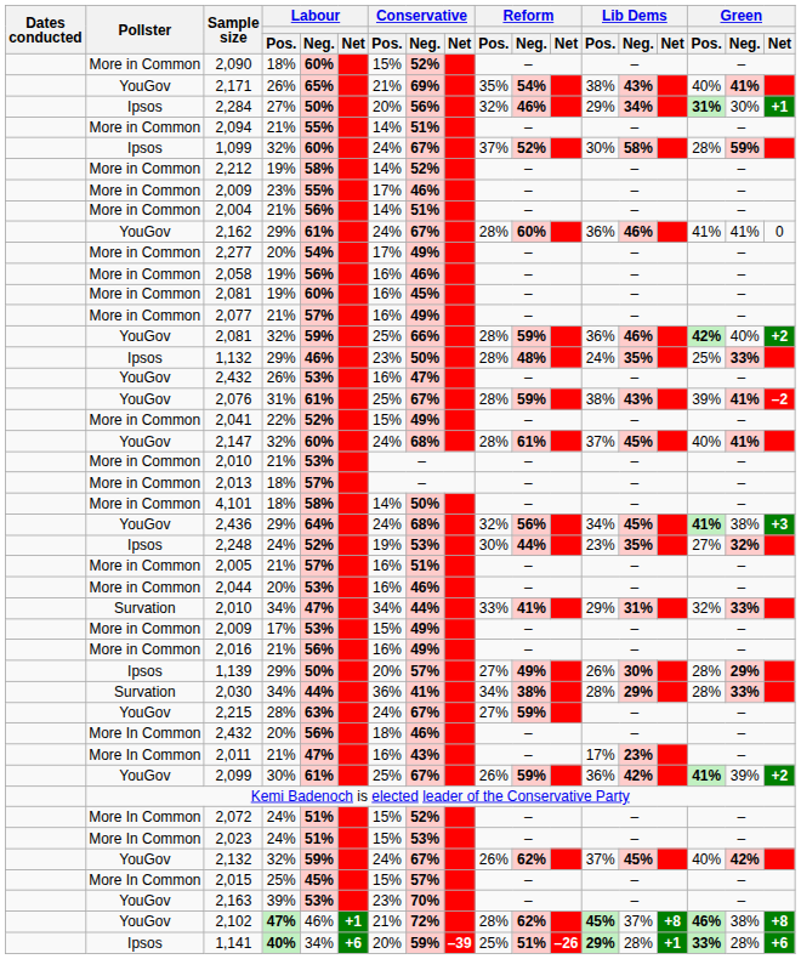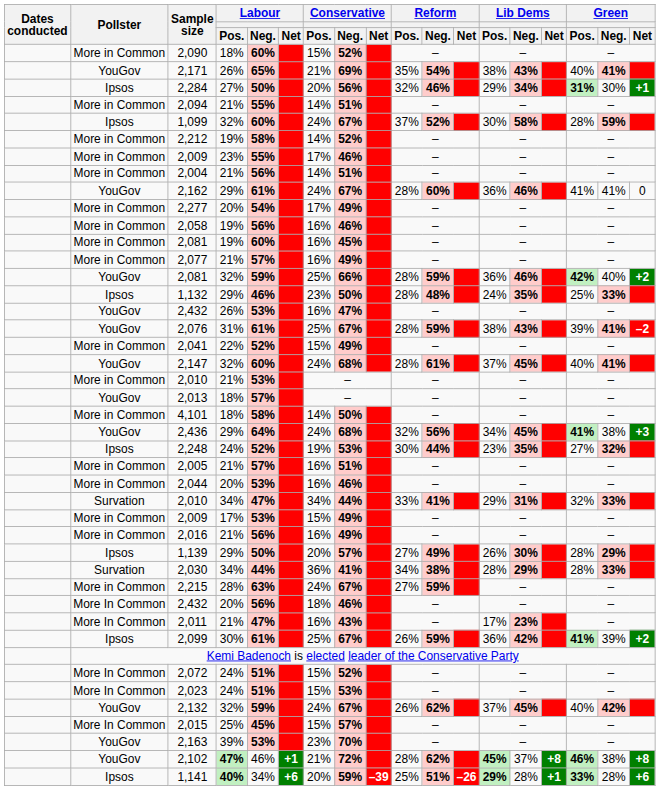 <table class="wikitable mw-datatable" style="text-align:center; font-size:90%; line-height:14px;">
 <tr>
 <th rowspan="3">Dates<br>conducted</th>
 <th rowspan="3">Pollster</th>
 <th rowspan="3" data-sort-type="number">Sample<br>size</th>
 <th colspan="3" class="unsortable" style="width:50px;"><a href='#'>Labour</a></th>
 <th colspan="3" class="unsortable" style="width:50px;"><a href='#'>Conservative</a></th>
 <th colspan="3" class="unsortable" style="width:50px;"><a href='#'>Reform</a></th>
 <th colspan="3" class="unsortable" style="width:50px;"><a href='#'>Lib Dems</a></th>
 <th colspan="3" class="unsortable" style="width:100px;"><a href='#'>Green</a></th>
 </tr>
 <tr>
 <th colspan="3" data-sort-type="number" style="background:"></th>
 <th colspan="3" data-sort-type="number" style="background:"></th>
 <th colspan="3" data-sort-type="number" style="background:"></th>
 <th colspan="3" data-sort-type="number" style="background:"></th>
 <th colspan="3" data-sort-type="number" style="background:"></th>
 </tr>
 <tr>
 <th>Pos.</th>
 <th>Neg.</th>
 <th>Net</th>
 <th>Pos.</th>
 <th>Neg.</th>
 <th>Net</th>
 <th>Pos.</th>
 <th>Neg.</th>
 <th>Net</th>
 <th>Pos.</th>
 <th>Neg.</th>
 <th>Net</th>
 <th>Pos.</th>
 <th>Neg.</th>
 <th>Net</th>
 </tr>
 <tr>
 <td></td>
 <td>More in Common</td>
 <td>2,090</td>
 <td>18%</td>
 <td style="background:#ffcccb"><strong>60%</strong></td>
 <td style="background:red;color:white"></td>
 <td>15%</td>
 <td style="background:#ffcccb"><strong>52%</strong></td>
 <td style="background:red;color:white"></td>
 <td colspan="3">–</td>
 <td colspan="3">–</td>
 <td colspan="3">–</td>
 </tr>
 <tr>
 <td></td>
 <td>YouGov</td>
 <td>2,171</td>
 <td>26%</td>
 <td style="background:#ffcccb"><strong>65%</strong></td>
 <td style="background:red;color:white"></td>
 <td>21%</td>
 <td style="background:#ffcccb"><strong>69%</strong></td>
 <td style="background:red;color:white"></td>
 <td>35%</td>
 <td style="background:#ffcccb"><strong>54%</strong></td>
 <td style="background:red;color:white"></td>
 <td>38%</td>
 <td style="background:#ffcccb"><strong>43%</strong></td>
 <td style="background:red;color:white"></td>
 <td>40%</td>
 <td style="background:#ffcccb"><strong>41%</strong></td>
 <td style="background:red;color:white"></td>
 </tr>
 <tr>
 <td></td>
 <td>Ipsos</td>
 <td>2,284</td>
 <td>27%</td>
 <td style="background:#ffcccb"><strong>50%</strong></td>
 <td style="background:red;color:white"></td>
 <td>20%</td>
 <td style="background:#ffcccb"><strong>56%</strong></td>
 <td style="background:red;color:white"></td>
 <td>32%</td>
 <td style="background:#ffcccb"><strong>46%</strong></td>
 <td style="background:red;color:white"></td>
 <td>29%</td>
 <td style="background:#ffcccb"><strong>34%</strong></td>
 <td style="background:red;color:white"></td>
 <td style="background:#C1F0C1"><strong>31%</strong></td>
 <td>30%</td>
 <td style="background:green;color:white"><strong>+1</strong></td>
 </tr>
 <tr>
 <td></td>
 <td>More in Common</td>
 <td>2,094</td>
 <td>21%</td>
 <td style="background:#ffcccb"><strong>55%</strong></td>
 <td style="background:red;color:white"></td>
 <td>14%</td>
 <td style="background:#ffcccb"><strong>51%</strong></td>
 <td style="background:red;color:white"></td>
 <td colspan="3">–</td>
 <td colspan="3">–</td>
 <td colspan="3">–</td>
 </tr>
 <tr>
 <td></td>
 <td>Ipsos</td>
 <td>1,099</td>
 <td>32%</td>
 <td style="background:#ffcccb"><strong>60%</strong></td>
 <td style="background:red;color:white"></td>
 <td>24%</td>
 <td style="background:#ffcccb"><strong>67%</strong></td>
 <td style="background:red;color:white"></td>
 <td>37%</td>
 <td style="background:#ffcccb"><strong>52%</strong></td>
 <td style="background:red;color:white"></td>
 <td>30%</td>
 <td style="background:#ffcccb"><strong>58%</strong></td>
 <td style="background:red;color:white"></td>
 <td>28%</td>
 <td style="background:#ffcccb"><strong>59%</strong></td>
 <td style="background:red;color:white"></td>
 </tr>
 <tr>
 <td></td>
 <td>More in Common</td>
 <td>2,212</td>
 <td>19%</td>
 <td style="background:#ffcccb"><strong>58%</strong></td>
 <td style="background:red;color:white"></td>
 <td>14%</td>
 <td style="background:#ffcccb"><strong>52%</strong></td>
 <td style="background:red;color:white"></td>
 <td colspan="3">–</td>
 <td colspan="3">–</td>
 <td colspan="3">–</td>
 </tr>
 <tr>
 <td></td>
 <td>More in Common</td>
 <td>2,009</td>
 <td>23%</td>
 <td style="background:#ffcccb"><strong>55%</strong></td>
 <td style="background:red;color:white"></td>
 <td>17%</td>
 <td style="background:#ffcccb"><strong>46%</strong></td>
 <td style="background:red;color:white"></td>
 <td colspan="3">–</td>
 <td colspan="3">–</td>
 <td colspan="3">–</td>
 </tr>
 <tr>
 <td></td>
 <td>More in Common</td>
 <td>2,004</td>
 <td>21%</td>
 <td style="background:#ffcccb"><strong>56%</strong></td>
 <td style="background:red;color:white"></td>
 <td>14%</td>
 <td style="background:#ffcccb"><strong>51%</strong></td>
 <td style="background:red;color:white"></td>
 <td colspan="3">–</td>
 <td colspan="3">–</td>
 <td colspan="3">–</td>
 </tr>
 <tr>
 <td></td>
 <td>YouGov</td>
 <td>2,162</td>
 <td>29%</td>
 <td style="background:#ffcccb"><strong>61%</strong></td>
 <td style="background:red;color:white"></td>
 <td>24%</td>
 <td style="background:#ffcccb"><strong>67%</strong></td>
 <td style="background:red;color:white"></td>
 <td>28%</td>
 <td style="background:#ffcccb"><strong>60%</strong></td>
 <td style="background:red;color:white"></td>
 <td>36%</td>
 <td style="background:#ffcccb"><strong>46%</strong></td>
 <td style="background:red;color:white"></td>
 <td>41%</td>
 <td>41%</td>
 <td>0</td>
 </tr>
 <tr>
 <td></td>
 <td>More in Common</td>
 <td>2,277</td>
 <td>20%</td>
 <td style="background:#ffcccb"><strong>54%</strong></td>
 <td style="background:red;color:white"></td>
 <td>17%</td>
 <td style="background:#ffcccb"><strong>49%</strong></td>
 <td style="background:red;color:white"></td>
 <td colspan="3">–</td>
 <td colspan="3">–</td>
 <td colspan="3">–</td>
 </tr>
 <tr>
 <td></td>
 <td>More in Common</td>
 <td>2,058</td>
 <td>19%</td>
 <td style="background:#ffcccb"><strong>56%</strong></td>
 <td style="background:red;color:white"></td>
 <td>16%</td>
 <td style="background:#ffcccb"><strong>46%</strong></td>
 <td style="background:red;color:white"></td>
 <td colspan="3">–</td>
 <td colspan="3">–</td>
 <td colspan="3">–</td>
 </tr>
 <tr>
 <td></td>
 <td>More in Common</td>
 <td>2,081</td>
 <td>19%</td>
 <td style="background:#ffcccb"><strong>60%</strong></td>
 <td style="background:red;color:white"></td>
 <td>16%</td>
 <td style="background:#ffcccb"><strong>45%</strong></td>
 <td style="background:red;color:white"></td>
 <td colspan="3">–</td>
 <td colspan="3">–</td>
 <td colspan="3">–</td>
 </tr>
 <tr>
 <td></td>
 <td>More in Common</td>
 <td>2,077</td>
 <td>21%</td>
 <td style="background:#ffcccb"><strong>57%</strong></td>
 <td style="background:red;color:white"></td>
 <td>16%</td>
 <td style="background:#ffcccb"><strong>49%</strong></td>
 <td style="background:red;color:white"></td>
 <td colspan="3">–</td>
 <td colspan="3">–</td>
 <td colspan="3">–</td>
 </tr>
 <tr>
 <td></td>
 <td>YouGov</td>
 <td>2,081</td>
 <td>32%</td>
 <td style="background:#ffcccb"><strong>59%</strong></td>
 <td style="background:red;color:white"></td>
 <td>25%</td>
 <td style="background:#ffcccb"><strong>66%</strong></td>
 <td style="background:red;color:white"></td>
 <td>28%</td>
 <td style="background:#ffcccb"><strong>59%</strong></td>
 <td style="background:red;color:white"></td>
 <td>36%</td>
 <td style="background:#ffcccb"><strong>46%</strong></td>
 <td style="background:red;color:white"></td>
 <td style="background:#C1F0C1"><strong>42%</strong></td>
 <td>40%</td>
 <td style="background:green;color:white"><strong>+2</strong></td>
 </tr>
 <tr>
 <td></td>
 <td>Ipsos</td>
 <td>1,132</td>
 <td>29%</td>
 <td style="background:#ffcccb"><strong>46%</strong></td>
 <td style="background:red;color:white"></td>
 <td>23%</td>
 <td style="background:#ffcccb"><strong>50%</strong></td>
 <td style="background:red;color:white"></td>
 <td>28%</td>
 <td style="background:#ffcccb"><strong>48%</strong></td>
 <td style="background:red;color:white"></td>
 <td>24%</td>
 <td style="background:#ffcccb"><strong>35%</strong></td>
 <td style="background:red;color:white"></td>
 <td>25%</td>
 <td style="background:#ffcccb"><strong>33%</strong></td>
 <td style="background:red;color:white"></td>
 </tr>
 <tr>
 <td></td>
 <td>YouGov</td>
 <td>2,432</td>
 <td>26%</td>
 <td style="background:#ffcccb"><strong>53%</strong></td>
 <td style="background:red;color:white"></td>
 <td>16%</td>
 <td style="background:#ffcccb"><strong>47%</strong></td>
 <td style="background:red;color:white"></td>
 <td colspan="3">–</td>
 <td colspan="3">–</td>
 <td colspan="3">–</td>
 </tr>
 <tr>
 <td></td>
 <td>YouGov</td>
 <td>2,076</td>
 <td>31%</td>
 <td style="background:#ffcccb"><strong>61%</strong></td>
 <td style="background:red;color:white"></td>
 <td>25%</td>
 <td style="background:#ffcccb"><strong>67%</strong></td>
 <td style="background:red;color:white"></td>
 <td>28%</td>
 <td style="background:#ffcccb"><strong>59%</strong></td>
 <td style="background:red;color:white"></td>
 <td>38%</td>
 <td style="background:#ffcccb"><strong>43%</strong></td>
 <td style="background:red;color:white"></td>
 <td>39%</td>
 <td style="background:#ffcccb"><strong>41%</strong></td>
 <td style="background:red;color:white"><strong>–2</strong></td>
 </tr>
 <tr>
 <td></td>
 <td>More in Common</td>
 <td>2,041</td>
 <td>22%</td>
 <td style="background:#ffcccb"><strong>52%</strong></td>
 <td style="background:red;color:white"></td>
 <td>15%</td>
 <td style="background:#ffcccb"><strong>49%</strong></td>
 <td style="background:red;color:white"></td>
 <td colspan="3">–</td>
 <td colspan="3">–</td>
 <td colspan="3">–</td>
 </tr>
 <tr>
 <td></td>
 <td>YouGov</td>
 <td>2,147</td>
 <td>32%</td>
 <td style="background:#ffcccb"><strong>60%</strong></td>
 <td style="background:red;color:white"></td>
 <td>24%</td>
 <td style="background:#ffcccb"><strong>68%</strong></td>
 <td style="background:red;color:white"></td>
 <td>28%</td>
 <td style="background:#ffcccb"><strong>61%</strong></td>
 <td style="background:red;color:white"></td>
 <td>37%</td>
 <td style="background:#ffcccb"><strong>45%</strong></td>
 <td style="background:red;color:white"></td>
 <td>40%</td>
 <td style="background:#ffcccb"><strong>41%</strong></td>
 <td style="background:red;color:white"></td>
 </tr>
 <tr>
 <td></td>
 <td>More in Common</td>
 <td>2,010</td>
 <td>21%</td>
 <td style="background:#ffcccb"><strong>53%</strong></td>
 <td style="background:red;color:white"></td>
 <td colspan="3">–</td>
 <td colspan="3">–</td>
 <td colspan="3">–</td>
 <td colspan="3">–</td>
 </tr>
 <tr>
 <td></td>
-<td>More in Common</td>
+<td>YouGov</td>
 <td>2,013</td>
 <td>18%</td>
 <td style="background:#ffcccb"><strong>57%</strong></td>
 <td style="background:red;color:white"></td>
 <td colspan="3">–</td>
 <td colspan="3">–</td>
 <td colspan="3">–</td>
 <td colspan="3">–</td>
 </tr>
 <tr>
 <td></td>
 <td>More in Common</td>
 <td>4,101</td>
 <td>18%</td>
 <td style="background:#ffcccb"><strong>58%</strong></td>
 <td style="background:red;color:white"></td>
 <td>14%</td>
 <td style="background:#ffcccb"><strong>50%</strong></td>
 <td style="background:red;color:white"></td>
 <td colspan="3">–</td>
 <td colspan="3">–</td>
 <td colspan="3">–</td>
 </tr>
 <tr>
 <td></td>
 <td>YouGov</td>
 <td>2,436</td>
 <td>29%</td>
 <td style="background:#ffcccb"><strong>64%</strong></td>
 <td style="background:red;color:white"></td>
 <td>24%</td>
 <td style="background:#ffcccb"><strong>68%</strong></td>
 <td style="background:red;color:white"></td>
 <td>32%</td>
 <td style="background:#ffcccb"><strong>56%</strong></td>
 <td style="background:red;color:white"></td>
 <td>34%</td>
 <td style="background:#ffcccb"><strong>45%</strong></td>
 <td style="background:red;color:white"></td>
 <td style="background:#C1F0C1"><strong>41%</strong></td>
 <td>38%</td>
 <td style="background:green;color:white"><strong>+3</strong></td>
 </tr>
 <tr>
 <td></td>
 <td>Ipsos</td>
 <td>2,248</td>
 <td>24%</td>
 <td style="background:#ffcccb"><strong>52%</strong></td>
 <td style="background:red;color:white"></td>
 <td>19%</td>
 <td style="background:#ffcccb"><strong>53%</strong></td>
 <td style="background:red;color:white"></td>
 <td>30%</td>
 <td style="background:#ffcccb"><strong>44%</strong></td>
 <td style="background:red;color:white"></td>
 <td>23%</td>
 <td style="background:#ffcccb"><strong>35%</strong></td>
 <td style="background:red;color:white"></td>
 <td>27%</td>
 <td style="background:#ffcccb"><strong>32%</strong></td>
 <td style="background:red;color:white"></td>
 </tr>
 <tr>
 <td></td>
 <td>More in Common</td>
 <td>2,005</td>
 <td>21%</td>
 <td style="background:#ffcccb"><strong>57%</strong></td>
 <td style="background:red;color:white"></td>
 <td>16%</td>
 <td style="background:#ffcccb"><strong>51%</strong></td>
 <td style="background:red;color:white"></td>
 <td colspan="3">–</td>
 <td colspan="3">–</td>
 <td colspan="3">–</td>
 </tr>
 <tr>
 <td></td>
 <td>More in Common</td>
 <td>2,044</td>
 <td>20%</td>
 <td style="background:#ffcccb"><strong>53%</strong></td>
 <td style="background:red;color:white"></td>
 <td>16%</td>
 <td style="background:#ffcccb"><strong>46%</strong></td>
 <td style="background:red;color:white"></td>
 <td colspan="3">–</td>
 <td colspan="3">–</td>
 <td colspan="3">–</td>
 </tr>
 <tr>
 <td></td>
 <td>Survation</td>
 <td>2,010</td>
 <td>34%</td>
 <td style="background:#ffcccb"><strong>47%</strong></td>
 <td style="background:red;color:white"></td>
 <td>34%</td>
 <td style="background:#ffcccb"><strong>44%</strong></td>
 <td style="background:red;color:white"></td>
 <td>33%</td>
 <td style="background:#ffcccb"><strong>41%</strong></td>
 <td style="background:red;color:white"></td>
 <td>29%</td>
 <td style="background:#ffcccb"><strong>31%</strong></td>
 <td style="background:red;color:white"></td>
 <td>32%</td>
 <td style="background:#ffcccb"><strong>33%</strong></td>
 <td style="background:red;color:white"></td>
 </tr>
 <tr>
 <td></td>
 <td>More in Common</td>
 <td>2,009</td>
 <td>17%</td>
 <td style="background:#ffcccb"><strong>53%</strong></td>
 <td style="background:red;color:white"></td>
 <td>15%</td>
 <td style="background:#ffcccb"><strong>49%</strong></td>
 <td style="background:red;color:white"></td>
 <td colspan="3">–</td>
 <td colspan="3">–</td>
 <td colspan="3">–</td>
 </tr>
 <tr>
 <td></td>
 <td>More in Common</td>
 <td>2,016</td>
 <td>21%</td>
 <td style="background:#ffcccb"><strong>56%</strong></td>
 <td style="background:red;color:white"></td>
 <td>16%</td>
 <td style="background:#ffcccb"><strong>49%</strong></td>
 <td style="background:red;color:white"></td>
 <td colspan="3">–</td>
 <td colspan="3">–</td>
 <td colspan="3">–</td>
 </tr>
 <tr>
 <td></td>
 <td>Ipsos</td>
 <td>1,139</td>
 <td>29%</td>
 <td style="background:#ffcccb"><strong>50%</strong></td>
 <td style="background:red;color:white"></td>
 <td>20%</td>
 <td style="background:#ffcccb"><strong>57%</strong></td>
 <td style="background:red;color:white"></td>
 <td>27%</td>
 <td style="background:#ffcccb"><strong>49%</strong></td>
 <td style="background:red;color:white"></td>
 <td>26%</td>
 <td style="background:#ffcccb"><strong>30%</strong></td>
 <td style="background:red;color:white"></td>
 <td>28%</td>
 <td style="background:#ffcccb"><strong>29%</strong></td>
 <td style="background:red;color:white"></td>
 </tr>
 <tr>
 <td></td>
 <td>Survation</td>
 <td>2,030</td>
 <td>34%</td>
 <td style="background:#ffcccb"><strong>44%</strong></td>
 <td style="background:red;color:white"></td>
 <td>36%</td>
 <td style="background:#ffcccb"><strong>41%</strong></td>
 <td style="background:red;color:white"></td>
 <td>34%</td>
 <td style="background:#ffcccb"><strong>38%</strong></td>
 <td style="background:red;color:white"></td>
 <td>28%</td>
 <td style="background:#ffcccb"><strong>29%</strong></td>
 <td style="background:red;color:white"></td>
 <td>28%</td>
 <td style="background:#ffcccb"><strong>33%</strong></td>
 <td style="background:red;color:white"></td>
 </tr>
 <tr>
 <td></td>
-<td>YouGov</td>
+<td>More in Common</td>
 <td>2,215</td>
 <td>28%</td>
 <td style="background:#ffcccb"><strong>63%</strong></td>
 <td style="background:red;color:white"></td>
 <td>24%</td>
 <td style="background:#ffcccb"><strong>67%</strong></td>
 <td style="background:red;color:white"></td>
 <td>27%</td>
 <td style="background:#ffcccb"><strong>59%</strong></td>
 <td style="background:red;color:white"></td>
 <td colspan="3">–</td>
 <td colspan="3">–</td>
 </tr>
 <tr>
 <td></td>
 <td>More In Common</td>
 <td>2,432</td>
 <td>20%</td>
 <td style="background:#ffcccb"><strong>56%</strong></td>
 <td style="background:red;color:white"></td>
 <td>18%</td>
 <td style="background:#ffcccb"><strong>46%</strong></td>
 <td style="background:red;color:white"></td>
 <td colspan="3">–</td>
 <td colspan="3">–</td>
 <td colspan="3">–</td>
 </tr>
 <tr>
 <td></td>
 <td>More In Common</td>
 <td>2,011</td>
 <td>21%</td>
 <td style="background:#ffcccb"><strong>47%</strong></td>
 <td style="background:red;color:white"></td>
 <td>16%</td>
 <td style="background:#ffcccb"><strong>43%</strong></td>
 <td style="background:red;color:white"></td>
 <td colspan="3">–</td>
 <td>17%</td>
 <td style="background:#ffcccb"><strong>23%</strong></td>
 <td style="background:red;color:white"></td>
 <td colspan="3">–</td>
 </tr>
 <tr>
 <td></td>
-<td>YouGov</td>
+<td>Ipsos</td>
 <td>2,099</td>
 <td>30%</td>
 <td style="background:#ffcccb"><strong>61%</strong></td>
 <td style="background:red;color:white"></td>
 <td>25%</td>
 <td style="background:#ffcccb"><strong>67%</strong></td>
 <td style="background:red;color:white"></td>
 <td>26%</td>
 <td style="background:#ffcccb"><strong>59%</strong></td>
 <td style="background:red;color:white"></td>
 <td>36%</td>
 <td style="background:#ffcccb"><strong>42%</strong></td>
 <td style="background:red;color:white"></td>
 <td style="background:#C1F0C1"><strong>41%</strong></td>
 <td>39%</td>
 <td style="background:green;color:white"><strong>+2</strong></td>
 </tr>
 <tr>
 <td></td>
 <td colspan="17"><a href='#'>Kemi Badenoch</a> is <a href='#'>elected</a> <a href='#'>leader of the Conservative Party</a></td>
 </tr>
 <tr>
 <td></td>
 <td>More In Common</td>
 <td>2,072</td>
 <td>24%</td>
 <td style="background:#ffcccb"><strong>51%</strong></td>
 <td style="background:red;color:white"></td>
 <td>15%</td>
 <td style="background:#ffcccb"><strong>52%</strong></td>
 <td style="background:red;color:white"></td>
 <td colspan="3">–</td>
 <td colspan="3">–</td>
 <td colspan="3">–</td>
 </tr>
 <tr>
 <td></td>
 <td>More In Common</td>
 <td>2,023</td>
 <td>24%</td>
 <td style="background:#ffcccb"><strong>51%</strong></td>
 <td style="background:red;color:white"></td>
 <td>15%</td>
 <td style="background:#ffcccb"><strong>53%</strong></td>
 <td style="background:red;color:white"></td>
 <td colspan="3">–</td>
 <td colspan="3">–</td>
 <td colspan="3">–</td>
 </tr>
 <tr>
 <td></td>
 <td>YouGov</td>
 <td>2,132</td>
 <td>32%</td>
 <td style="background:#ffcccb"><strong>59%</strong></td>
 <td style="background:red;color:white"></td>
 <td>24%</td>
 <td style="background:#ffcccb"><strong>67%</strong></td>
 <td style="background:red;color:white"></td>
 <td>26%</td>
 <td style="background:#ffcccb"><strong>62%</strong></td>
 <td style="background:red;color:white"></td>
 <td>37%</td>
 <td style="background:#ffcccb"><strong>45%</strong></td>
 <td style="background:red;color:white"></td>
 <td>40%</td>
 <td style="background:#ffcccb"><strong>42%</strong></td>
 <td style="background:red;color:white"></td>
 </tr>
 <tr>
 <td></td>
 <td>More In Common</td>
 <td>2,015</td>
 <td>25%</td>
 <td style="background:#ffcccb"><strong>45%</strong></td>
 <td style="background:red;color:white"></td>
 <td>15%</td>
 <td style="background:#ffcccb"><strong>57%</strong></td>
 <td style="background:red;color:white"></td>
 <td colspan="3">–</td>
 <td colspan="3">–</td>
 <td colspan="3">–</td>
 </tr>
 <tr>
 <td></td>
 <td>YouGov</td>
 <td>2,163</td>
 <td>39%</td>
 <td style="background:#ffcccb"><strong>53%</strong></td>
 <td style="background:red;color:white"></td>
 <td>23%</td>
 <td style="background:#ffcccb"><strong>70%</strong></td>
 <td style="background:red;color:white"></td>
 <td colspan="3">–</td>
 <td colspan="3">–</td>
 <td colspan="3">–</td>
 </tr>
 <tr>
 <td></td>
 <td>YouGov</td>
 <td>2,102</td>
 <td style="background:#C1F0C1"><strong>47%</strong></td>
 <td>46%</td>
 <td style="background:green;color:white"><strong>+1</strong></td>
 <td>21%</td>
 <td style="background:#ffcccb"><strong>72%</strong></td>
 <td style="background:red;color:white"></td>
 <td>28%</td>
 <td style="background:#ffcccb"><strong>62%</strong></td>
 <td style="background:red;color:white"></td>
 <td style="background:#C1F0C1"><strong>45%</strong></td>
 <td>37%</td>
 <td style="background:green;color:white"><strong>+8</strong></td>
 <td style="background:#C1F0C1"><strong>46%</strong></td>
 <td>38%</td>
 <td style="background:green;color:white"><strong>+8</strong></td>
 </tr>
 <tr>
 <td></td>
 <td>Ipsos</td>
 <td>1,141</td>
 <td style="background:#C1F0C1"><strong>40%</strong></td>
 <td>34%</td>
 <td style="background:green;color:white"><strong>+6</strong></td>
 <td>20%</td>
 <td style="background:#ffcccb"><strong>59%</strong></td>
 <td style="background:red;color:white"><strong>–39</strong></td>
 <td>25%</td>
 <td style="background:#ffcccb"><strong>51%</strong></td>
 <td style="background:red;color:white"><strong>–26</strong></td>
 <td style="background:#C1F0C1"><strong>29%</strong></td>
 <td>28%</td>
 <td style="background:green;color:white"><strong>+1</strong></td>
 <td style="background:#C1F0C1"><strong>33%</strong></td>
 <td>28%</td>
 <td style="background:green;color:white"><strong>+6</strong></td>
 </tr>
 </table>
